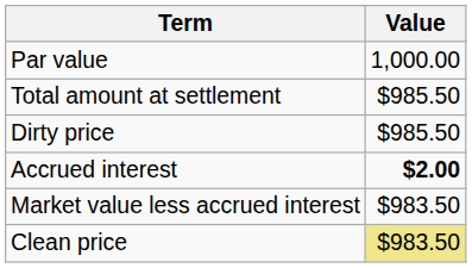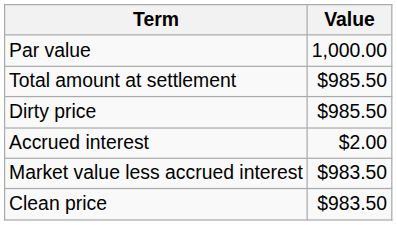 <table class="wikitable">
 <tr>
 <th>Term</th>
 <th>Value</th>
 </tr>
 <tr>
 <td align="left">Par value</td>
 <td align="right">1,000.00</td>
 </tr>
 <tr>
 <td align="left">Total amount at settlement</td>
 <td align="right">$985.50</td>
 </tr>
 <tr>
 <td align="left">Dirty price</td>
 <td align="right">$985.50</td>
 </tr>
 <tr>
 <td align="left">Accrued interest</td>
-<td align="right"><strong>$2.00</strong></td>
+<td align="right">$2.00</td>
 </tr>
 <tr>
 <td align="left">Market value less accrued interest</td>
 <td align="right">$983.50</td>
 </tr>
 <tr>
 <td align="left">Clean price</td>
-<td align="right" style="background: khaki;">$983.50</td>
+<td align="right">$983.50</td>
 </tr>
 </table>
